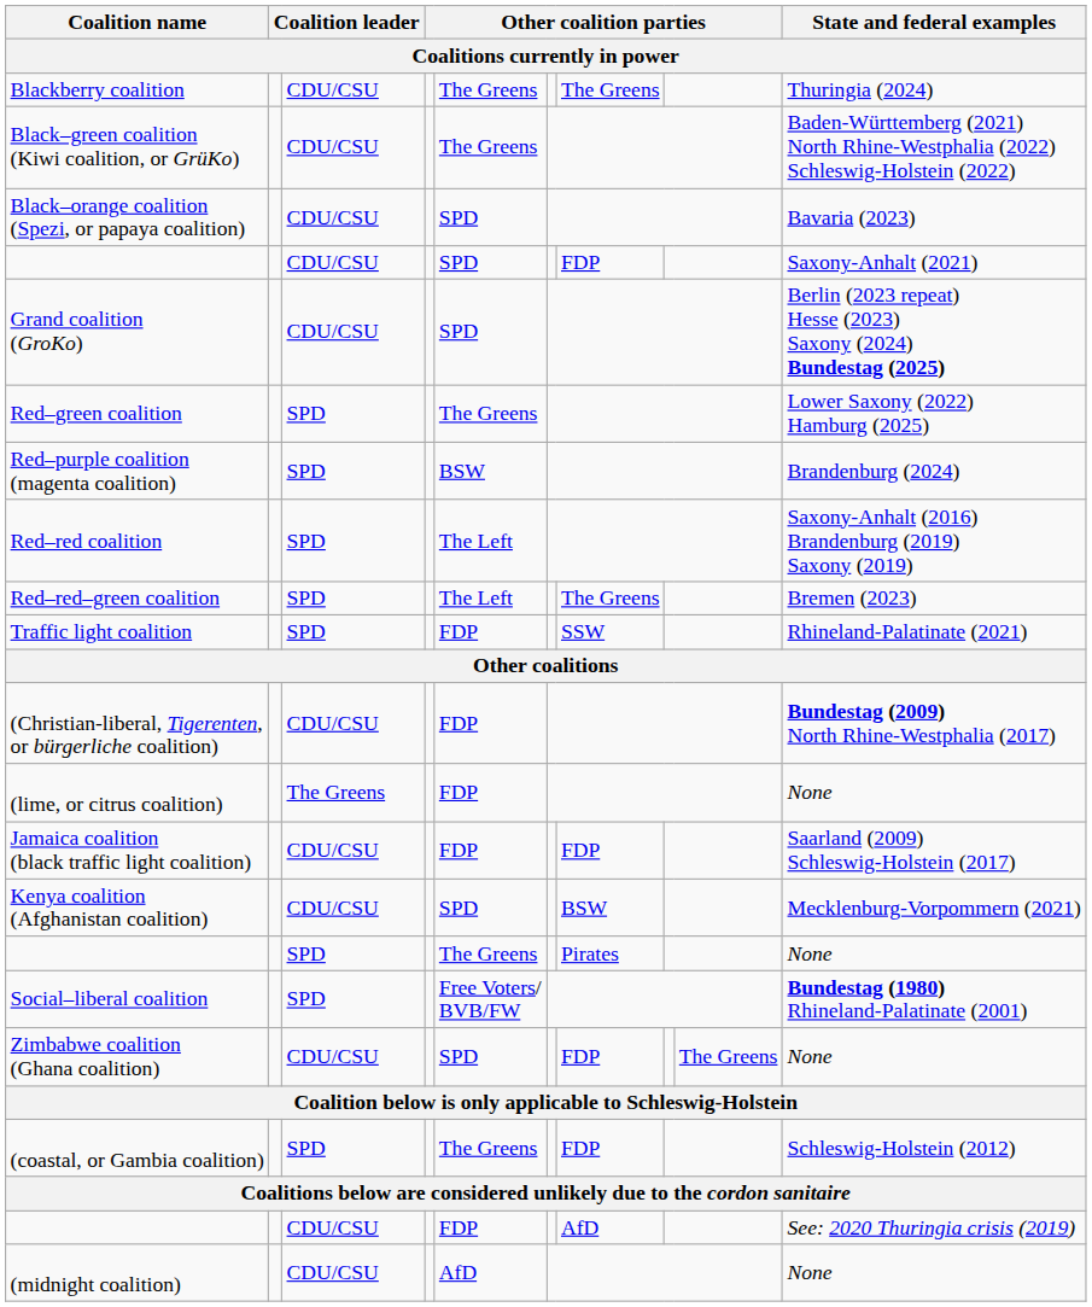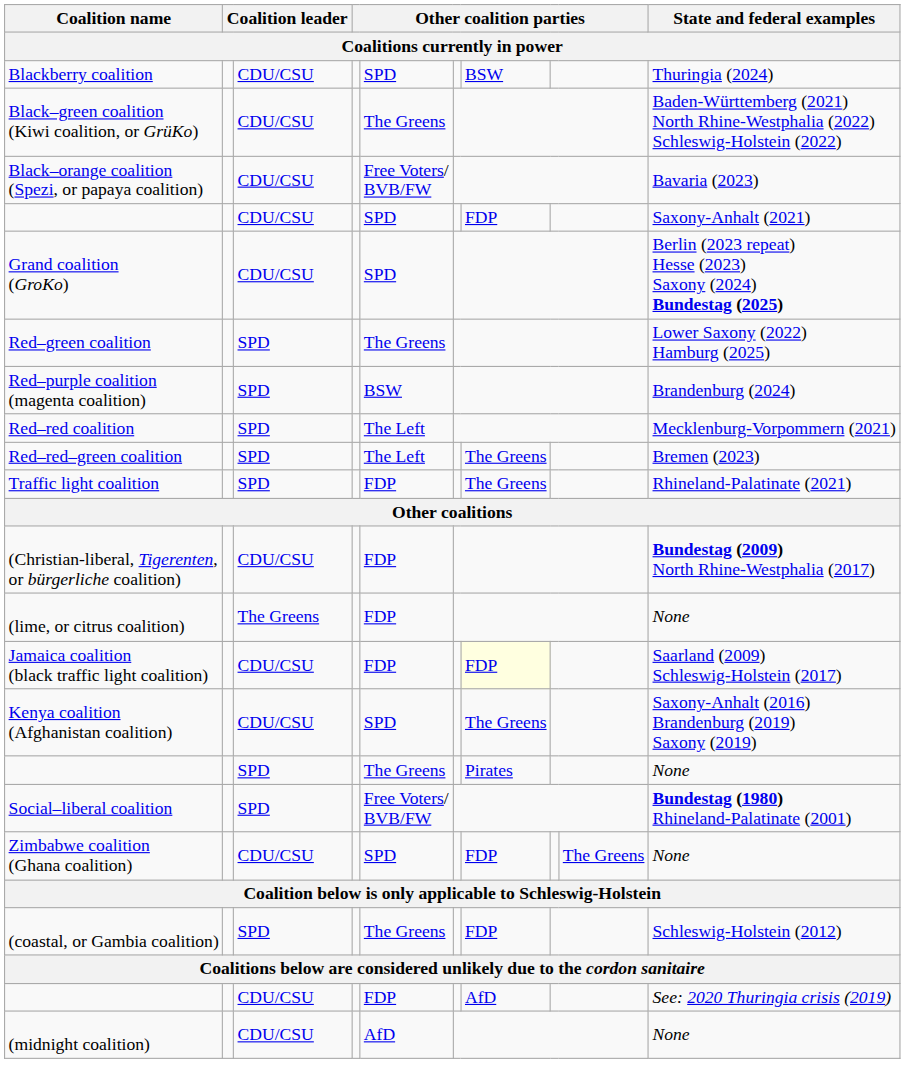 <table class="wikitable">
 <tr>
 <th colspan="1">Coalition name</th>
 <th colspan="2">Coalition leader</th>
 <th colspan="6">Other coalition parties</th>
 <th colspan="1">State and federal examples</th>
 </tr>
 <tr>
 <th colspan="10">Coalitions currently in power</th>
 </tr>
 <tr>
 <td><a href='#'>Blackberry coalition</a></td>
 <td style="background-color: "></td>
 <td><a href='#'>CDU/CSU</a></td>
 <td style="background-color: "></td>
-<td><a href='#'>The Greens</a></td>
+<td><a href='#'>SPD</a></td>
 <td style="background-color: "></td>
-<td><a href='#'>The Greens</a></td>
+<td><a href='#'>BSW</a></td>
 <td colspan="2"></td>
 <td><a href='#'>Thuringia</a> (<a href='#'>2024</a>)</td>
 </tr>
 <tr>
 <td><a href='#'>Black–green coalition</a><br>(Kiwi coalition, or <em>GrüKo</em>)</td>
 <td style="background-color: "></td>
 <td><a href='#'>CDU/CSU</a></td>
 <td style="background-color: "></td>
 <td><a href='#'>The Greens</a></td>
 <td colspan="4"></td>
 <td><a href='#'>Baden-Württemberg</a> (<a href='#'>2021</a>)<br><a href='#'>North Rhine-Westphalia</a> (<a href='#'>2022</a>)<br><a href='#'>Schleswig-Holstein</a> (<a href='#'>2022</a>)</td>
 </tr>
 <tr>
 <td><a href='#'>Black–orange coalition</a><br>(<a href='#'>Spezi</a>, or papaya coalition)</td>
 <td style="background-color: "></td>
 <td><a href='#'>CDU/CSU</a></td>
 <td style="background-color: "></td>
-<td><a href='#'>SPD</a></td>
+<td><a href='#'>Free Voters</a>/<br><a href='#'>BVB/FW</a></td>
 <td colspan="4"></td>
 <td><a href='#'>Bavaria</a> (<a href='#'>2023</a>)</td>
 </tr>
 <tr>
 <td></td>
 <td style="background-color: "></td>
 <td><a href='#'>CDU/CSU</a></td>
 <td style="background-color: "></td>
 <td><a href='#'>SPD</a></td>
 <td style="background-color: "></td>
 <td><a href='#'>FDP</a></td>
 <td colspan="2"></td>
 <td><a href='#'>Saxony-Anhalt</a> (<a href='#'>2021</a>)</td>
 </tr>
 <tr>
 <td><a href='#'>Grand coalition</a><br>(<em>GroKo</em>)</td>
 <td style="background-color: "></td>
 <td><a href='#'>CDU/CSU</a></td>
 <td style="background-color: "></td>
 <td><a href='#'>SPD</a></td>
 <td colspan="4"></td>
 <td><a href='#'>Berlin</a> (<a href='#'>2023 repeat</a>)<br><a href='#'>Hesse</a> (<a href='#'>2023</a>)<br><a href='#'>Saxony</a> (<a href='#'>2024</a>)<br><strong><a href='#'>Bundestag</a> (<a href='#'>2025</a>)</strong></td>
 </tr>
 <tr>
 <td><a href='#'>Red–green coalition</a></td>
 <td style="background-color: "></td>
 <td><a href='#'>SPD</a></td>
 <td style="background-color: "></td>
 <td><a href='#'>The Greens</a></td>
 <td colspan="4"></td>
 <td><a href='#'>Lower Saxony</a> (<a href='#'>2022</a>)<br><a href='#'>Hamburg</a> (<a href='#'>2025</a>)</td>
 </tr>
 <tr>
 <td><a href='#'>Red–purple coalition</a><br>(magenta coalition)</td>
 <td style="background-color: "></td>
 <td><a href='#'>SPD</a></td>
 <td style="background-color: "></td>
 <td><a href='#'>BSW</a></td>
 <td colspan="4"></td>
 <td><a href='#'>Brandenburg</a> (<a href='#'>2024</a>)</td>
 </tr>
 <tr>
 <td><a href='#'>Red–red coalition</a></td>
 <td style="background-color: "></td>
 <td><a href='#'>SPD</a></td>
 <td style="background-color: "></td>
 <td><a href='#'>The Left</a></td>
 <td colspan="4"></td>
-<td><a href='#'>Saxony-Anhalt</a> (<a href='#'>2016</a>)<br><a href='#'>Brandenburg</a> (<a href='#'>2019</a>)<br><a href='#'>Saxony</a> (<a href='#'>2019</a>)</td>
+<td><a href='#'>Mecklenburg-Vorpommern</a> (<a href='#'>2021</a>)</td>
 </tr>
 <tr>
 <td><a href='#'>Red–red–green coalition</a></td>
 <td style="background-color: "></td>
 <td><a href='#'>SPD</a></td>
 <td style="background-color: "></td>
 <td><a href='#'>The Left</a></td>
 <td style="background-color: "></td>
 <td><a href='#'>The Greens</a></td>
 <td colspan="2"></td>
 <td><a href='#'>Bremen</a> (<a href='#'>2023</a>)</td>
 </tr>
 <tr>
 <td><a href='#'>Traffic light coalition</a></td>
 <td style="background-color: "></td>
 <td><a href='#'>SPD</a></td>
 <td style="background-color: "></td>
 <td><a href='#'>FDP</a></td>
 <td style="background-color: "></td>
-<td><a href='#'>SSW</a></td>
+<td><a href='#'>The Greens</a></td>
 <td colspan="2"></td>
 <td><a href='#'>Rhineland-Palatinate</a> (<a href='#'>2021</a>)</td>
 </tr>
 <tr>
 <th colspan="10">Other coalitions</th>
 </tr>
 <tr>
 <td><br>(Christian-liberal, <em><a href='#'>Tigerenten</a></em>,<br>or <em>bürgerliche</em> coalition)</td>
 <td style="background-color: "></td>
 <td><a href='#'>CDU/CSU</a></td>
 <td style="background-color: "></td>
 <td><a href='#'>FDP</a></td>
 <td colspan="4"></td>
 <td><strong><a href='#'>Bundestag</a> (<a href='#'>2009</a>)</strong><br><a href='#'>North Rhine-Westphalia</a> (<a href='#'>2017</a>)</td>
 </tr>
 <tr>
 <td><br>(lime, or citrus coalition)</td>
 <td style="background-color: "></td>
 <td><a href='#'>The Greens</a></td>
 <td style="background-color: "></td>
 <td><a href='#'>FDP</a></td>
 <td colspan="4"></td>
 <td><em>None</em></td>
 </tr>
 <tr>
 <td><a href='#'>Jamaica coalition</a><br>(black traffic light coalition)</td>
 <td style="background-color: "></td>
 <td><a href='#'>CDU/CSU</a></td>
 <td style="background-color: "></td>
 <td><a href='#'>FDP</a></td>
 <td style="background-color: "></td>
-<td><a href='#'>FDP</a></td>
+<td style="background: lightyellow;"><a href='#'>FDP</a></td>
 <td colspan="2"></td>
 <td><a href='#'>Saarland</a> (<a href='#'>2009</a>)<br><a href='#'>Schleswig-Holstein</a> (<a href='#'>2017</a>)</td>
 </tr>
 <tr>
 <td><a href='#'>Kenya coalition</a><br>(Afghanistan coalition)</td>
 <td style="background-color: "></td>
 <td><a href='#'>CDU/CSU</a></td>
 <td style="background-color: "></td>
 <td><a href='#'>SPD</a></td>
 <td style="background-color: "></td>
-<td><a href='#'>BSW</a></td>
+<td><a href='#'>The Greens</a></td>
 <td colspan="2"></td>
-<td><a href='#'>Mecklenburg-Vorpommern</a> (<a href='#'>2021</a>)</td>
+<td><a href='#'>Saxony-Anhalt</a> (<a href='#'>2016</a>)<br><a href='#'>Brandenburg</a> (<a href='#'>2019</a>)<br><a href='#'>Saxony</a> (<a href='#'>2019</a>)</td>
 </tr>
 <tr>
 <td></td>
 <td style="background-color: "></td>
 <td><a href='#'>SPD</a></td>
 <td style="background-color: "></td>
 <td><a href='#'>The Greens</a></td>
 <td style="background-color: "></td>
 <td><a href='#'>Pirates</a></td>
 <td colspan="2"></td>
 <td><em>None</em></td>
 </tr>
 <tr>
 <td><a href='#'>Social–liberal coalition</a></td>
 <td style="background-color: "></td>
 <td><a href='#'>SPD</a></td>
 <td style="background-color: "></td>
 <td><a href='#'>Free Voters</a>/<br><a href='#'>BVB/FW</a></td>
 <td colspan="4"></td>
 <td><strong><a href='#'>Bundestag</a> (<a href='#'>1980</a>)</strong><br><a href='#'>Rhineland-Palatinate</a> (<a href='#'>2001</a>)</td>
 </tr>
 <tr>
 <td><a href='#'>Zimbabwe coalition</a><br>(Ghana coalition)</td>
 <td style="background-color: "></td>
 <td><a href='#'>CDU/CSU</a></td>
 <td style="background-color: "></td>
 <td><a href='#'>SPD</a></td>
 <td style="background-color: "></td>
 <td><a href='#'>FDP</a></td>
 <td style="background-color: "></td>
 <td><a href='#'>The Greens</a></td>
 <td><em>None</em></td>
 </tr>
 <tr>
 <th colspan= "10">Coalition below is only applicable to Schleswig-Holstein</th>
 </tr>
 <tr>
 <td><br>(coastal, or Gambia coalition)</td>
 <td style="background-color: "></td>
 <td><a href='#'>SPD</a></td>
 <td style="background-color: "></td>
 <td><a href='#'>The Greens</a></td>
 <td style="background-color: "></td>
 <td><a href='#'>FDP</a></td>
 <td colspan= "2"></td>
 <td><a href='#'>Schleswig-Holstein</a> (<a href='#'>2012</a>)</td>
 </tr>
 <tr>
 <th colspan= "10">Coalitions below are considered unlikely due to the <em>cordon sanitaire</em></th>
 </tr>
 <tr>
 <td></td>
 <td style="background-color: "></td>
 <td><a href='#'>CDU/CSU</a></td>
 <td style="background-color: "></td>
 <td><a href='#'>FDP</a></td>
 <td style="background-color:"></td>
 <td><a href='#'>AfD</a></td>
 <td colspan="2"></td>
 <td><em>See: <a href='#'>2020 Thuringia crisis</a> (<a href='#'>2019</a>)</em></td>
 </tr>
 <tr>
 <td><br>(midnight coalition)</td>
 <td style="background-color: "></td>
 <td><a href='#'>CDU/CSU</a></td>
 <td style="background-color:"></td>
 <td><a href='#'>AfD</a></td>
 <td colspan="4"></td>
 <td><em>None</em></td>
 </tr>
 </table>
